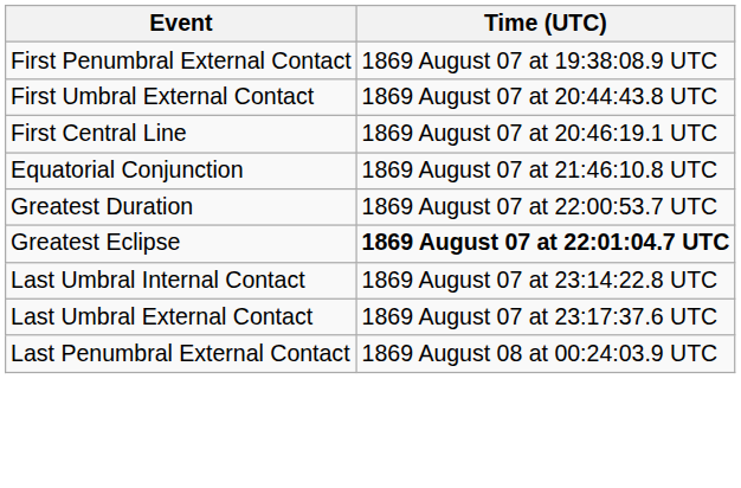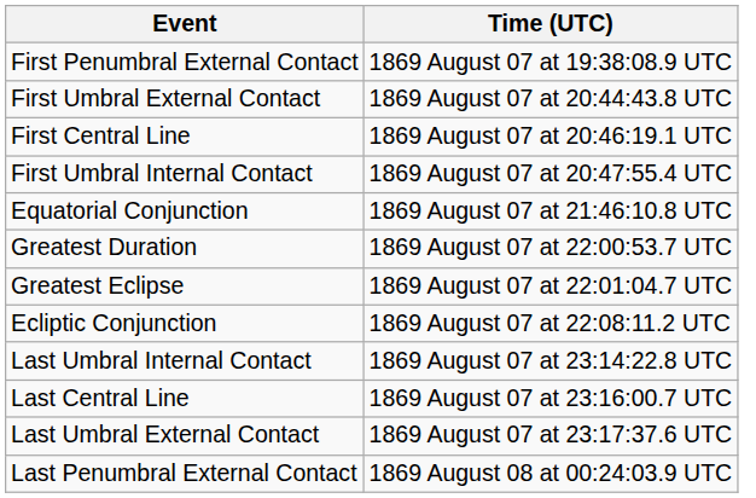 <table class="wikitable">
 <tr>
 <th>Event</th>
 <th>Time (UTC)</th>
 </tr>
 <tr>
 <td>First Penumbral External Contact</td>
 <td>1869 August 07 at 19:38:08.9 UTC</td>
 </tr>
 <tr>
 <td>First Umbral External Contact</td>
 <td>1869 August 07 at 20:44:43.8 UTC</td>
 </tr>
 <tr>
 <td>First Central Line</td>
 <td>1869 August 07 at 20:46:19.1 UTC</td>
 </tr>
 <tr>
+<td>First Umbral Internal Contact</td>
+<td>1869 August 07 at 20:47:55.4 UTC</td>
+</tr>
+<tr>
 <td>Equatorial Conjunction</td>
 <td>1869 August 07 at 21:46:10.8 UTC</td>
 </tr>
 <tr>
 <td>Greatest Duration</td>
 <td>1869 August 07 at 22:00:53.7 UTC</td>
 </tr>
 <tr>
 <td>Greatest Eclipse</td>
-<td><strong>1869 August 07 at 22:01:04.7 UTC</strong></td>
+<td>1869 August 07 at 22:01:04.7 UTC</td>
+</tr>
+<tr>
+<td>Ecliptic Conjunction</td>
+<td>1869 August 07 at 22:08:11.2 UTC</td>
 </tr>
 <tr>
 <td>Last Umbral Internal Contact</td>
 <td>1869 August 07 at 23:14:22.8 UTC</td>
+</tr>
+<tr>
+<td>Last Central Line</td>
+<td>1869 August 07 at 23:16:00.7 UTC</td>
 </tr>
 <tr>
 <td>Last Umbral External Contact</td>
 <td>1869 August 07 at 23:17:37.6 UTC</td>
 </tr>
 <tr>
 <td>Last Penumbral External Contact</td>
 <td>1869 August 08 at 00:24:03.9 UTC</td>
 </tr>
 </table>
